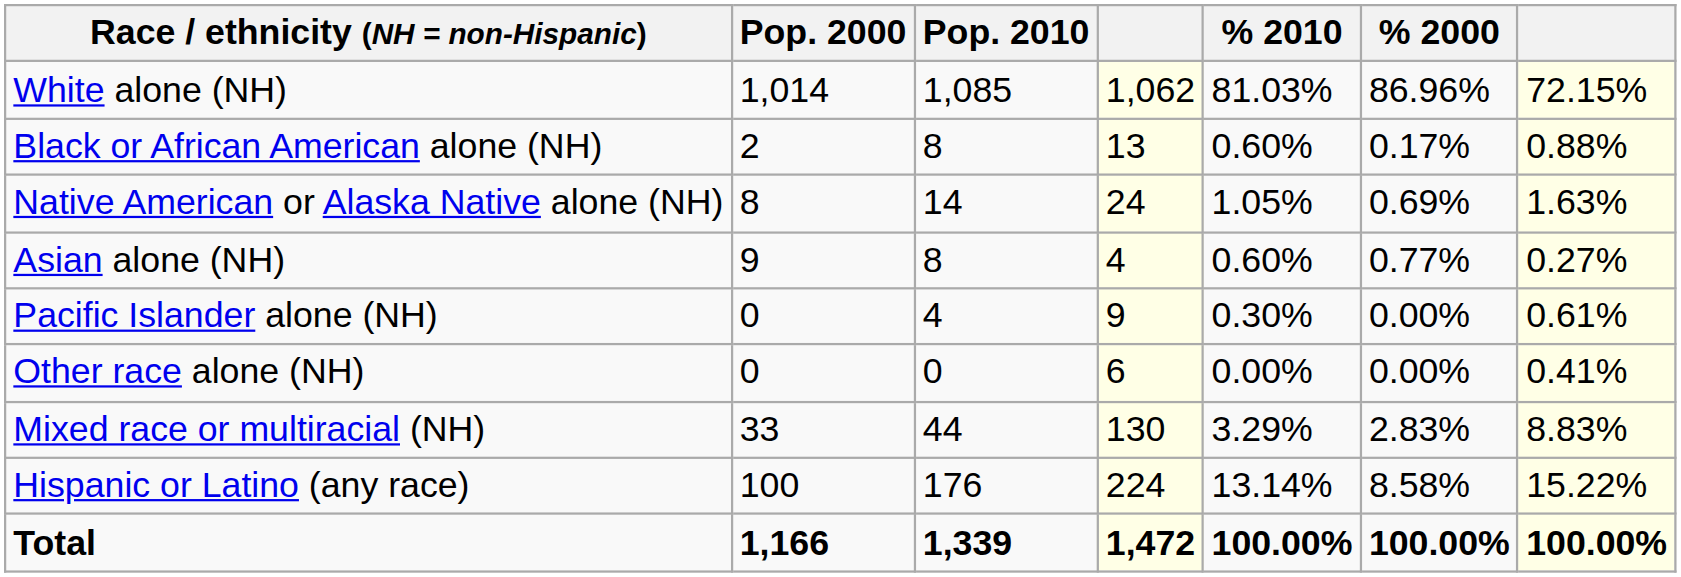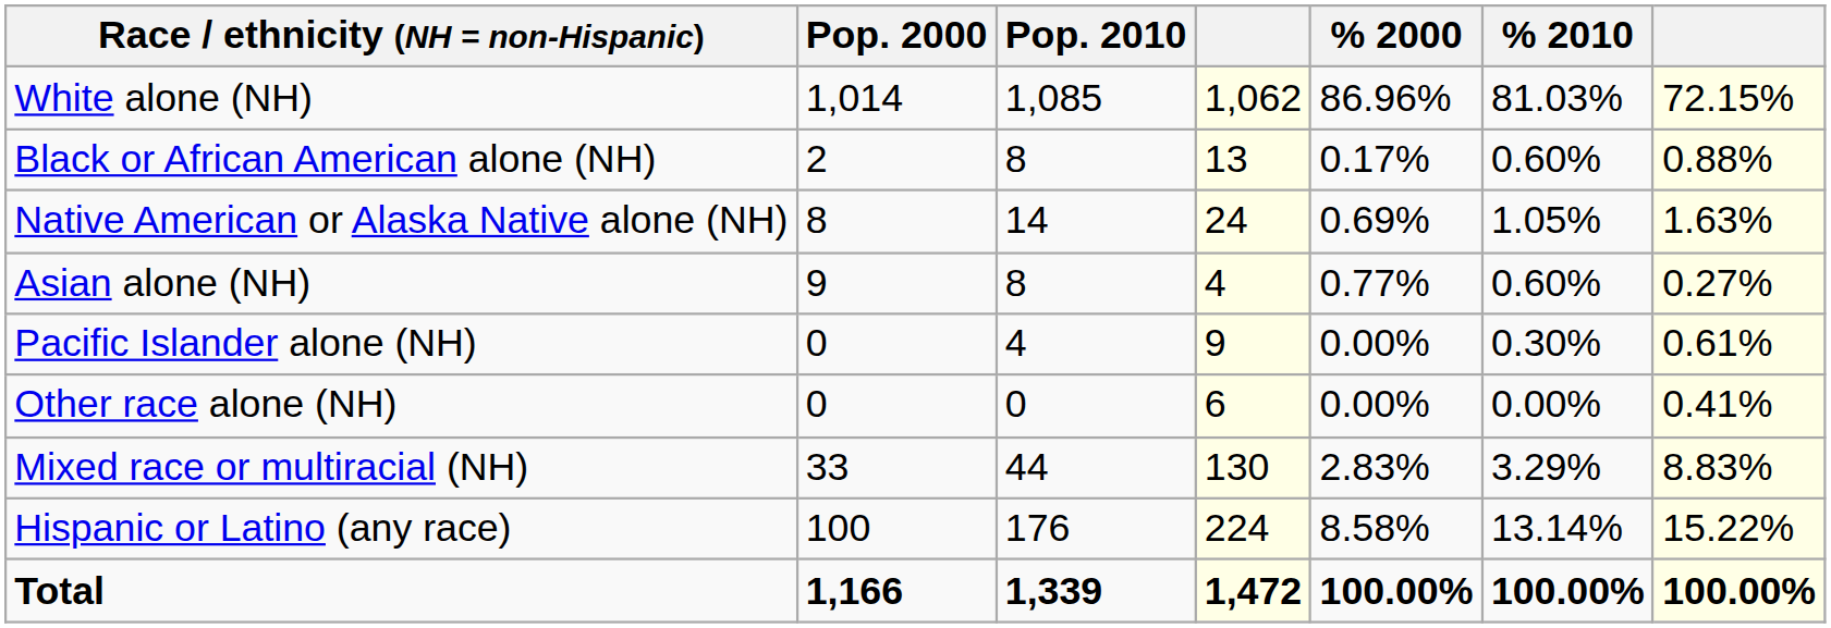 <table class="wikitable">
 <tr>
 <th>Race / ethnicity <small>(<em>NH = non-Hispanic</em>)</small></th>
 <th>Pop. 2000</th>
 <th>Pop. 2010</th>
 <th></th>
+<th>% 2000</th>
 <th>% 2010</th>
-<th>% 2000</th>
 <th></th>
 </tr>
 <tr>
 <td><a href='#'>White</a> alone (NH)</td>
 <td>1,014</td>
 <td>1,085</td>
 <td style='background: #ffffe6;'>1,062</td>
+<td>86.96%</td>
 <td>81.03%</td>
-<td>86.96%</td>
 <td style='background: #ffffe6;'>72.15%</td>
 </tr>
 <tr>
 <td><a href='#'>Black or African American</a> alone (NH)</td>
 <td>2</td>
 <td>8</td>
 <td style='background: #ffffe6;'>13</td>
+<td>0.17%</td>
 <td>0.60%</td>
-<td>0.17%</td>
 <td style='background: #ffffe6;'>0.88%</td>
 </tr>
 <tr>
 <td><a href='#'>Native American</a> or <a href='#'>Alaska Native</a> alone (NH)</td>
 <td>8</td>
 <td>14</td>
 <td style='background: #ffffe6;'>24</td>
+<td>0.69%</td>
 <td>1.05%</td>
-<td>0.69%</td>
 <td style='background: #ffffe6;'>1.63%</td>
 </tr>
 <tr>
 <td><a href='#'>Asian</a> alone (NH)</td>
 <td>9</td>
 <td>8</td>
 <td style='background: #ffffe6;'>4</td>
+<td>0.77%</td>
 <td>0.60%</td>
-<td>0.77%</td>
 <td style='background: #ffffe6;'>0.27%</td>
 </tr>
 <tr>
 <td><a href='#'>Pacific Islander</a> alone (NH)</td>
 <td>0</td>
 <td>4</td>
 <td style='background: #ffffe6;'>9</td>
+<td>0.00%</td>
 <td>0.30%</td>
-<td>0.00%</td>
 <td style='background: #ffffe6;'>0.61%</td>
 </tr>
 <tr>
 <td><a href='#'>Other race</a> alone (NH)</td>
 <td>0</td>
 <td>0</td>
 <td style='background: #ffffe6;'>6</td>
 <td>0.00%</td>
 <td>0.00%</td>
 <td style='background: #ffffe6;'>0.41%</td>
 </tr>
 <tr>
 <td><a href='#'>Mixed race or multiracial</a> (NH)</td>
 <td>33</td>
 <td>44</td>
 <td style='background: #ffffe6;'>130</td>
+<td>2.83%</td>
 <td>3.29%</td>
-<td>2.83%</td>
 <td style='background: #ffffe6;'>8.83%</td>
 </tr>
 <tr>
 <td><a href='#'>Hispanic or Latino</a> (any race)</td>
 <td>100</td>
 <td>176</td>
 <td style='background: #ffffe6;'>224</td>
+<td>8.58%</td>
 <td>13.14%</td>
-<td>8.58%</td>
 <td style='background: #ffffe6;'>15.22%</td>
 </tr>
 <tr>
 <td><strong>Total</strong></td>
 <td><strong>1,166</strong></td>
 <td><strong>1,339</strong></td>
 <td style='background: #ffffe6;'><strong>1,472</strong></td>
 <td><strong>100.00%</strong></td>
 <td><strong>100.00%</strong></td>
 <td style='background: #ffffe6;'><strong>100.00%</strong></td>
 </tr>
 </table>
